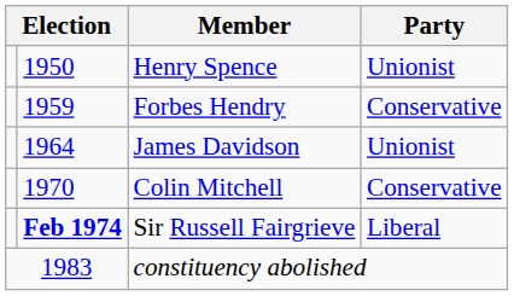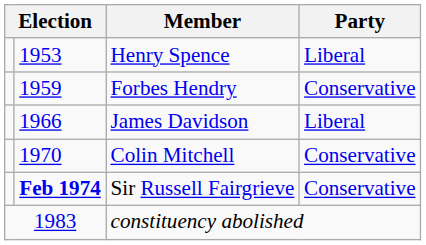 <table class="wikitable">
 <tr>
 <th colspan="2">Election</th>
 <th>Member</th>
 <th>Party</th>
 </tr>
 <tr>
 <td style="color:inherit;background-color: "></td>
-<td><a href='#'>1950</a></td>
+<td><a href='#'>1953</a></td>
 <td><a href='#'>Henry Spence</a></td>
-<td><a href='#'>Unionist</a></td>
+<td><a href='#'>Liberal</a></td>
 </tr>
 <tr>
 <td style="color:inherit;background-color: "></td>
 <td><a href='#'>1959</a></td>
 <td><a href='#'>Forbes Hendry</a></td>
 <td><a href='#'>Conservative</a></td>
 </tr>
 <tr>
 <td style="color:inherit;background-color: "></td>
-<td><a href='#'>1964</a></td>
+<td><a href='#'>1966</a></td>
 <td><a href='#'>James Davidson</a></td>
-<td><a href='#'>Unionist</a></td>
+<td><a href='#'>Liberal</a></td>
 </tr>
 <tr>
 <td style="color:inherit;background-color: "></td>
 <td><a href='#'>1970</a></td>
 <td><a href='#'>Colin Mitchell</a></td>
 <td><a href='#'>Conservative</a></td>
 </tr>
 <tr>
 <td style="color:inherit;background-color: "></td>
 <td><strong><a href='#'>Feb 1974</a></strong></td>
 <td>Sir <a href='#'>Russell Fairgrieve</a></td>
-<td><a href='#'>Liberal</a></td>
+<td><a href='#'>Conservative</a></td>
 </tr>
 <tr>
 <td colspan="2" align="center"><a href='#'>1983</a></td>
 <td colspan="2"><em>constituency abolished</em></td>
 </tr>
 </table>
